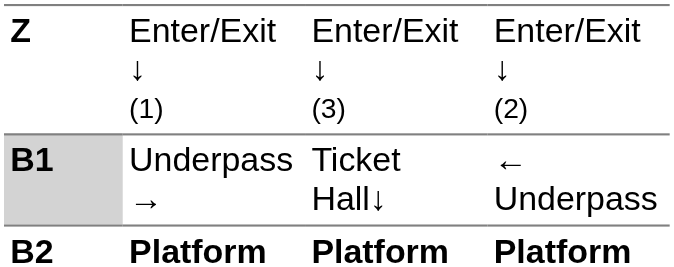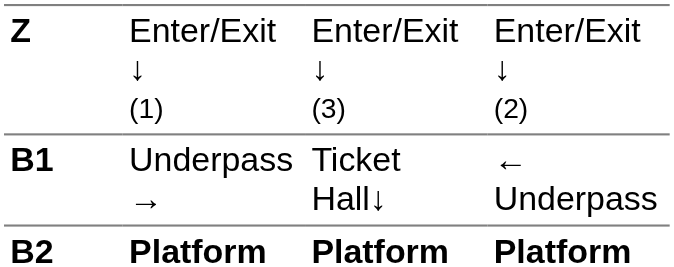 <table border="0" cellspacing="0" cellpadding="3">
 <tr>
 <td style="border-top:solid 1px gray;" width="50" valign="top"><strong>Z</strong></td>
 <td style="border-top:solid 1px gray;" width="80" valign="top">Enter/Exit ↓<br><small>(1)</small></td>
 <td style="border-top:solid 1px gray;" width="80" valign="top">Enter/Exit ↓<br><small>(3)</small></td>
 <td style="border-top:solid 1px gray;" width="80" valign="top">Enter/Exit ↓<br><small>(2)</small></td>
 <td></td>
 </tr>
 <tr>
-<td style="background: lightgrey; border-top:solid 1px gray;" width="50" valign="top"><strong>B1</strong></td>
+<td style="border-top:solid 1px gray;" width="50" valign="top"><strong>B1</strong></td>
 <td style="border-top:solid 1px gray;" width="80" valign="top">Underpass →</td>
 <td style="border-top:solid 1px gray;" width="80" valign="top">Ticket Hall↓</td>
 <td style="border-top:solid 1px gray;" width="80" valign="top">← Underpass</td>
 </tr>
 <tr>
 <td style="border-top:solid 1px gray;" width="50" valign="top"><strong>B2</strong></td>
 <td style="border-top:solid 1px gray;" width="80" valign="top"><strong>Platform</strong></td>
 <td style="border-top:solid 1px gray;" width="80" valign="top"><strong>Platform</strong></td>
 <td style="border-top:solid 1px gray;" width="80" valign="top"><strong>Platform</strong></td>
 <td></td>
 </tr>
 </table>
